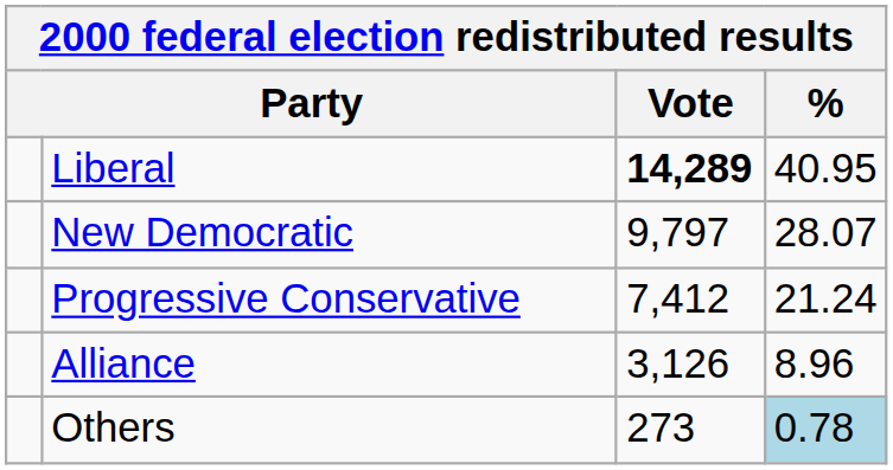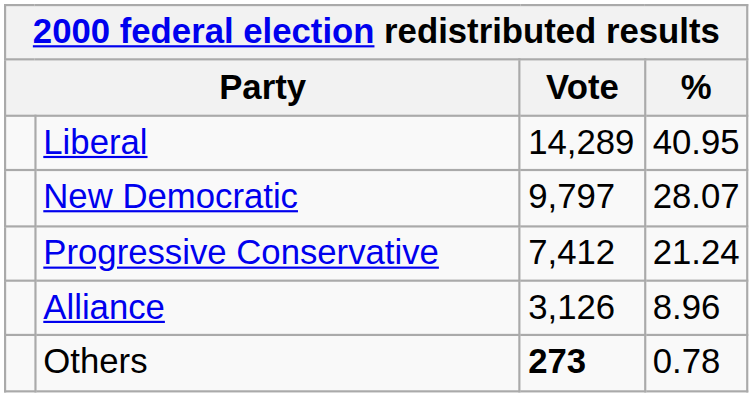 <table class="wikitable">
 <tr>
 <th colspan="4"><a href='#'>2000 federal election</a> redistributed results</th>
 </tr>
 <tr>
 <th bgcolor="#DDDDFF" width="230px" colspan="2">Party</th>
 <th bgcolor="#DDDDFF" width="50px">Vote</th>
 <th bgcolor="#DDDDFF" width="30px">%</th>
 </tr>
 <tr>
 <td> </td>
 <td><a href='#'>Liberal</a></td>
-<td><strong>14,289</strong></td>
+<td>14,289</td>
 <td>40.95</td>
 </tr>
 <tr>
 <td> </td>
 <td><a href='#'>New Democratic</a></td>
 <td>9,797</td>
 <td>28.07</td>
 </tr>
 <tr>
 <td> </td>
 <td><a href='#'>Progressive Conservative</a></td>
 <td>7,412</td>
 <td>21.24</td>
 </tr>
 <tr>
 <td> </td>
 <td><a href='#'>Alliance</a></td>
 <td>3,126</td>
 <td>8.96</td>
 </tr>
 <tr>
 <td> </td>
 <td>Others</td>
-<td>273</td>
-<td style="background: lightblue;">0.78</td>
+<td><strong>273</strong></td>
+<td>0.78</td>
 </tr>
 </table>
